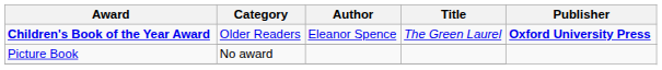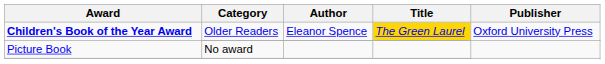 <table class="wikitable" width=95%>
 <tr>
 <th>Award</th>
 <th>Category</th>
 <th>Author</th>
 <th>Title</th>
 <th>Publisher</th>
 </tr>
 <tr>
 <td rowspan=2><strong><a href='#'>Children's Book of the Year Award</a></strong></td>
 <td><a href='#'>Older Readers</a></td>
 <td><a href='#'>Eleanor Spence</a></td>
-<td><em><a href='#'>The Green Laurel</a></em></td>
-<td><strong><a href='#'>Oxford University Press</a></strong></td>
+<td style="background: gold;"><em><a href='#'>The Green Laurel</a></em></td>
+<td><a href='#'>Oxford University Press</a></td>
 </tr>
 <tr>
 </tr>
 <tr>
 <td><a href='#'>Picture Book</a></td>
 <td>No award</td>
 <td></td>
 <td></td>
 </tr>
 <tr>
 </tr>
 </table>
